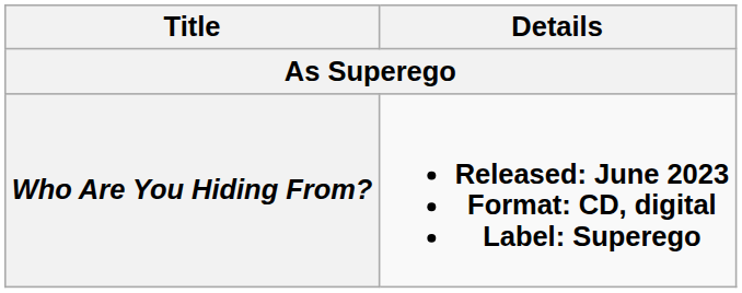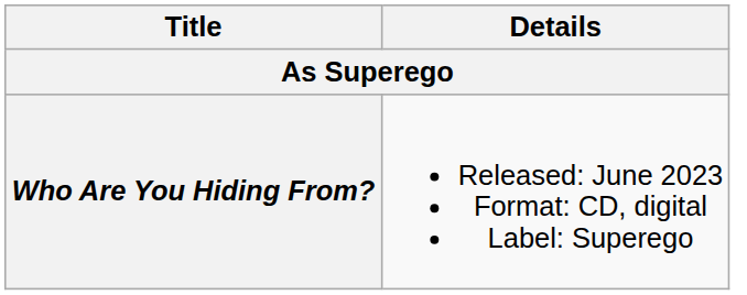 <table class="wikitable plainrowheaders" style="text-align:center;" border="1">
 <tr>
 <th>Title</th>
 <th>Details</th>
 </tr>
 <tr>
 <th colspan="2">As <strong>Superego</strong></th>
 </tr>
 <tr>
 <th scope="row"><em>Who Are You Hiding From?</em></th>
-<td><strong><br><ul><li>Released: June 2023</li><li>Format: CD, digital</li><li>Label: Superego</li></ul></strong></td>
+<td><br><ul><li>Released: June 2023</li><li>Format: CD, digital</li><li>Label: Superego</li></ul></td>
 </tr>
 </table>
